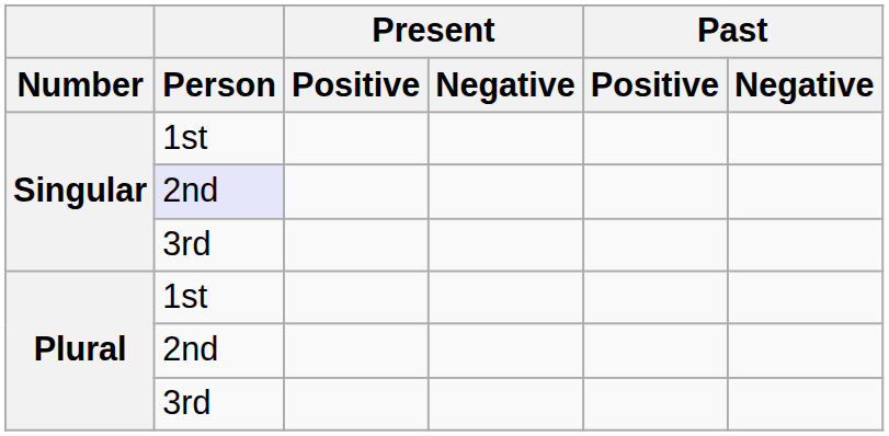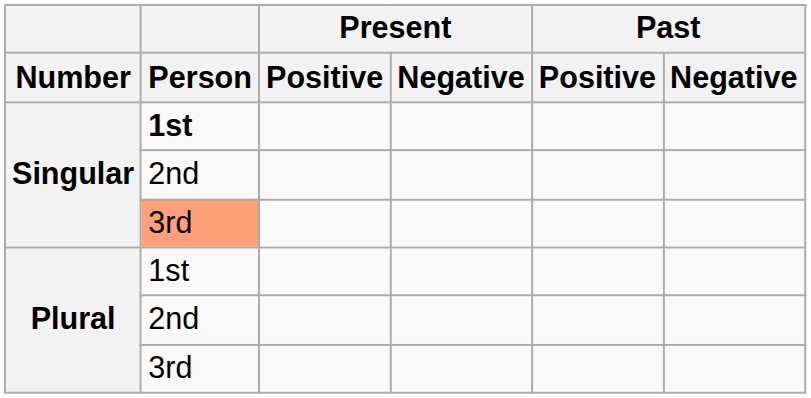 <table class="wikitable">
 <tr>
 <th></th>
 <th></th>
 <th colspan="2">Present</th>
 <th colspan="2">Past</th>
 </tr>
 <tr>
 <th>Number</th>
 <th>Person</th>
 <th>Positive</th>
 <th>Negative</th>
 <th>Positive</th>
 <th>Negative</th>
 </tr>
 <tr>
 <th rowspan="3">Singular</th>
-<td>1st</td>
+<td><strong>1st</strong></td>
 <td></td>
 <td></td>
 <td></td>
 <td></td>
 </tr>
 <tr>
-<td style="background: lavender;">2nd</td>
+<td>2nd</td>
 <td></td>
 <td></td>
 <td></td>
 <td></td>
 </tr>
 <tr>
-<td>3rd</td>
+<td style="background: lightsalmon;">3rd</td>
 <td></td>
 <td></td>
 <td></td>
 <td></td>
 </tr>
 <tr>
 <th rowspan="3">Plural</th>
 <td>1st</td>
 <td></td>
 <td></td>
 <td></td>
 <td></td>
 </tr>
 <tr>
 <td>2nd</td>
 <td></td>
 <td></td>
 <td></td>
 <td></td>
 </tr>
 <tr>
 <td>3rd</td>
 <td></td>
 <td></td>
 <td></td>
 <td></td>
 </tr>
 </table>
